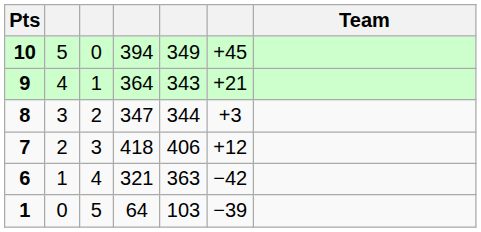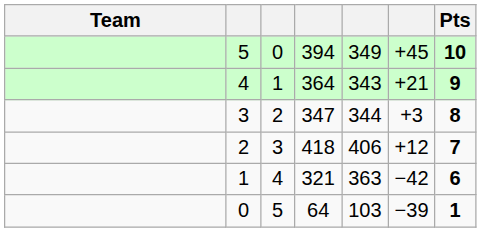 <table class="wikitable" style="text-align:center;">
 <tr>
-<th width=20>Pts</th>
+<th width=170>Team</th>
 <th width=20></th>
 <th width=20></th>
 <th width=30></th>
 <th width=30></th>
 <th width=30></th>
-<th width=170>Team</th>
+<th width=20>Pts</th>
 </tr>
 <tr bgcolor="#ccffcc">
-<td><strong>10</strong></td>
+<td align=left></td>
 <td>5</td>
 <td>0</td>
 <td>394</td>
 <td>349</td>
 <td>+45</td>
-<td align=left></td>
+<td><strong>10</strong></td>
 </tr>
 <tr bgcolor="#ccffcc">
-<td><strong>9</strong></td>
+<td align=left></td>
 <td>4</td>
 <td>1</td>
 <td>364</td>
 <td>343</td>
 <td>+21</td>
-<td align=left></td>
+<td><strong>9</strong></td>
 </tr>
 <tr>
-<td><strong>8</strong></td>
+<td align=left></td>
 <td>3</td>
 <td>2</td>
 <td>347</td>
 <td>344</td>
 <td>+3</td>
-<td align=left></td>
+<td><strong>8</strong></td>
 </tr>
 <tr>
-<td><strong>7</strong></td>
+<td align=left></td>
 <td>2</td>
 <td>3</td>
 <td>418</td>
 <td>406</td>
 <td>+12</td>
-<td align=left></td>
+<td><strong>7</strong></td>
 </tr>
 <tr>
-<td><strong>6</strong></td>
+<td align=left></td>
 <td>1</td>
 <td>4</td>
 <td>321</td>
 <td>363</td>
 <td>−42</td>
-<td align=left></td>
+<td><strong>6</strong></td>
 </tr>
 <tr>
-<td><strong>1</strong></td>
+<td align=left></td>
 <td>0</td>
 <td>5</td>
 <td>64</td>
 <td>103</td>
 <td>−39</td>
-<td align=left></td>
+<td><strong>1</strong></td>
 </tr>
 </table>
